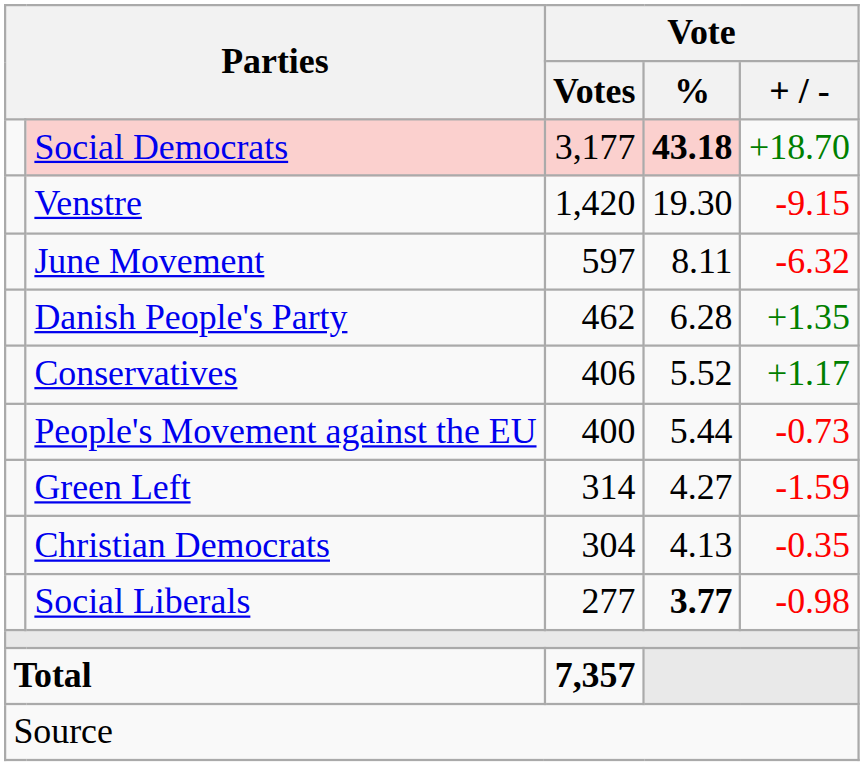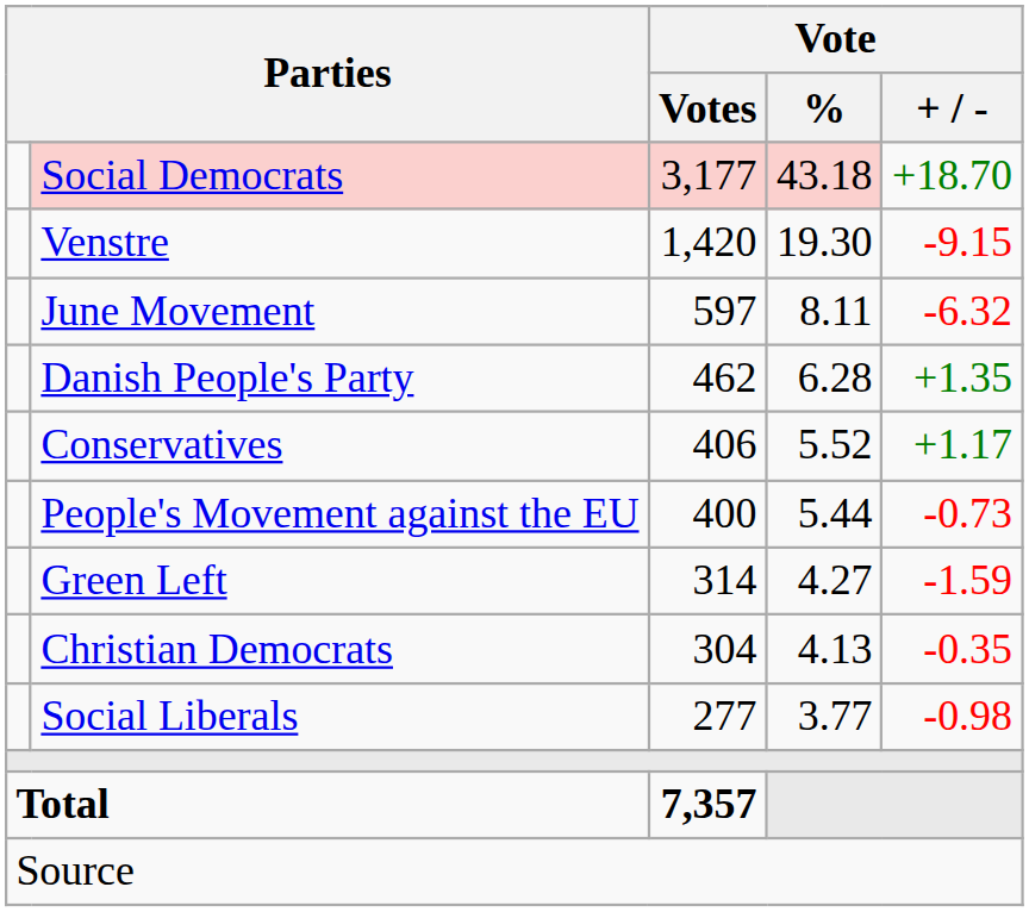 <table class="wikitable" style="text-align:right;">
 <tr>
 <th style="text-align:centre;" rowspan="2" colspan="2" width="225">Parties</th>
 <th colspan="3">Vote</th>
 </tr>
 <tr>
 <th width="15">Votes</th>
 <th width="15">%</th>
 <th width="15">+ / -</th>
 </tr>
 <tr>
 <td width="2" style="color:inherit;background:"></td>
 <td bgcolor=#fbd0ce   align="left"><a href='#'>Social Democrats</a></td>
 <td bgcolor=#fbd0ce>3,177</td>
-<td bgcolor=#fbd0ce><strong>43.18</strong></td>
+<td bgcolor=#fbd0ce>43.18</td>
 <td style=color:green;>+18.70</td>
 </tr>
 <tr>
 <td width="2" style="color:inherit;background:"></td>
 <td align="left"><a href='#'>Venstre</a></td>
 <td>1,420</td>
 <td>19.30</td>
 <td style=color:red;>-9.15</td>
 </tr>
 <tr>
 <td width="2" style="color:inherit;background:"></td>
 <td align="left"><a href='#'>June Movement</a></td>
 <td>597</td>
 <td>8.11</td>
 <td style=color:red;>-6.32</td>
 </tr>
 <tr>
 <td width="2" style="color:inherit;background:"></td>
 <td align="left"><a href='#'>Danish People's Party</a></td>
 <td>462</td>
 <td>6.28</td>
 <td style=color:green;>+1.35</td>
 </tr>
 <tr>
 <td width="2" style="color:inherit;background:"></td>
 <td align="left"><a href='#'>Conservatives</a></td>
 <td>406</td>
 <td>5.52</td>
 <td style=color:green;>+1.17</td>
 </tr>
 <tr>
 <td width="2" style="color:inherit;background:"></td>
 <td align="left"><a href='#'>People's Movement against the EU</a></td>
 <td>400</td>
 <td>5.44</td>
 <td style=color:red;>-0.73</td>
 </tr>
 <tr>
 <td width="2" style="color:inherit;background:"></td>
 <td align="left"><a href='#'>Green Left</a></td>
 <td>314</td>
 <td>4.27</td>
 <td style=color:red;>-1.59</td>
 </tr>
 <tr>
 <td width="2" style="color:inherit;background:"></td>
 <td align="left"><a href='#'>Christian Democrats</a></td>
 <td>304</td>
 <td>4.13</td>
 <td style=color:red;>-0.35</td>
 </tr>
 <tr>
 <td width="2" style="color:inherit;background:"></td>
 <td align="left"><a href='#'>Social Liberals</a></td>
 <td>277</td>
-<td><strong>3.77</strong></td>
+<td>3.77</td>
 <td style=color:red;>-0.98</td>
 </tr>
 <tr>
 <td colspan="7" bgcolor="#E9E9E9"></td>
 </tr>
 <tr>
 <td align="left" colspan="2"><strong>Total</strong></td>
 <td><strong>7,357</strong></td>
 <td bgcolor="#E9E9E9" colspan="2"></td>
 </tr>
 <tr>
 <td align="left" colspan="6">Source</td>
 </tr>
 </table>
